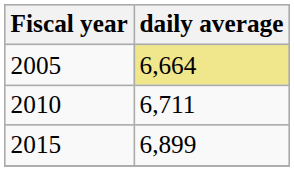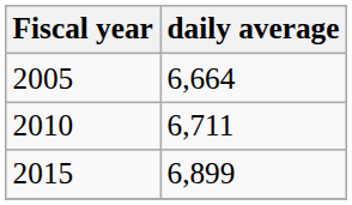 <table class="wikitable">
 <tr>
 <th>Fiscal year</th>
 <th>daily average</th>
 </tr>
 <tr>
 <td>2005</td>
-<td style="background: khaki;">6,664</td>
+<td>6,664</td>
 </tr>
 <tr>
 <td>2010</td>
 <td>6,711</td>
 </tr>
 <tr>
 <td>2015</td>
 <td>6,899</td>
 </tr>
 <tr>
 </tr>
 </table>
